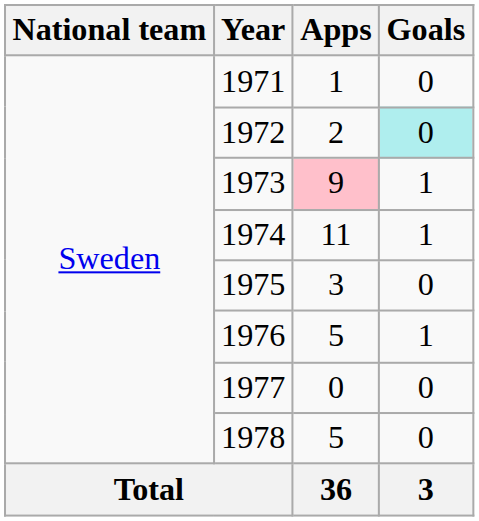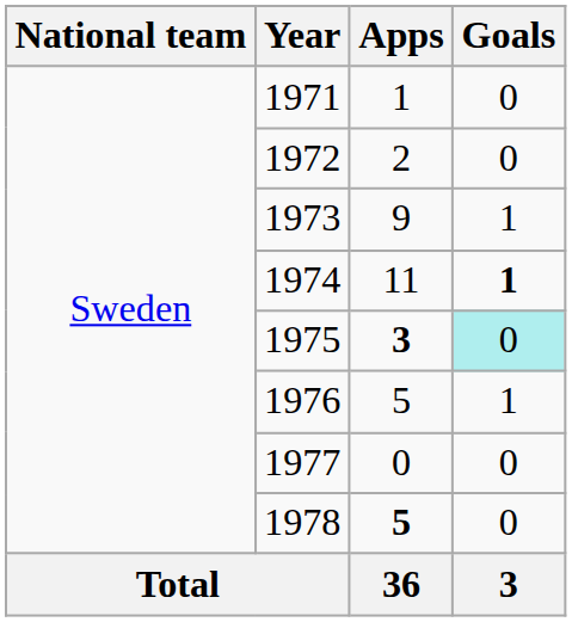 <table class="wikitable" style="text-align:center">
 <tr>
 <th>National team</th>
 <th>Year</th>
 <th>Apps</th>
 <th>Goals</th>
 </tr>
 <tr>
 <td rowspan="8"><a href='#'>Sweden</a></td>
 <td>1971</td>
 <td>1</td>
 <td>0</td>
 </tr>
 <tr>
 <td>1972</td>
 <td>2</td>
-<td style="background: paleturquoise;">0</td>
+<td>0</td>
 </tr>
 <tr>
 <td>1973</td>
-<td style="background: pink;">9</td>
+<td>9</td>
 <td>1</td>
 </tr>
 <tr>
 <td>1974</td>
 <td>11</td>
-<td>1</td>
+<td><strong>1</strong></td>
 </tr>
 <tr>
 <td>1975</td>
-<td>3</td>
-<td>0</td>
+<td><strong>3</strong></td>
+<td style="background: paleturquoise;">0</td>
 </tr>
 <tr>
 <td>1976</td>
 <td>5</td>
 <td>1</td>
 </tr>
 <tr>
 <td>1977</td>
 <td>0</td>
 <td>0</td>
 </tr>
 <tr>
 <td>1978</td>
-<td>5</td>
+<td><strong>5</strong></td>
 <td>0</td>
 </tr>
 <tr>
 <th colspan="2">Total</th>
 <th>36</th>
 <th>3</th>
 </tr>
 </table>
